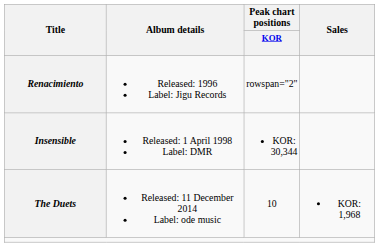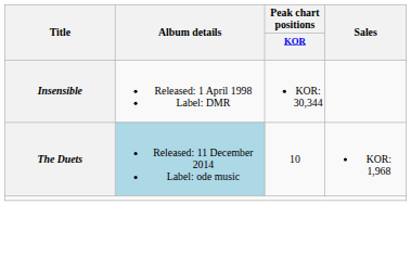 <table class="wikitable plainrowheaders" style="text-align:center;">
 <tr>
 <th rowspan="2" scope="col" style="width:10em;">Title</th>
 <th rowspan="2" scope="col">Album details</th>
 <th>Peak chart positions</th>
 <th rowspan="2" scope="col">Sales</th>
 </tr>
 <tr>
 <th scope="col" style="width:2.5em;font-size:90%;"><a href='#'>KOR<br></a><br></th>
 </tr>
 <tr>
-<th scope="row"><em>Renacimiento</em></th>
-<td><br><ul><li>Released: 1996</li><li>Label: Jigu Records</li></ul></td>
-<td>rowspan="2" </td>
-<td></td>
-</tr>
-<tr>
 <th scope="row"><em>Insensible</em></th>
 <td><br><ul><li>Released: 1 April 1998</li><li>Label: DMR</li></ul></td>
 <td><br><ul><li>KOR: 30,344</li></ul></td>
 </tr>
 <tr>
 <th scope="row"><em>The Duets</em></th>
-<td><br><ul><li>Released: 11 December 2014</li><li>Label: ode music</li></ul></td>
+<td style="background: lightblue;"><br><ul><li>Released: 11 December 2014</li><li>Label: ode music</li></ul></td>
 <td>10</td>
 <td><br><ul><li>KOR: 1,968</li></ul></td>
 </tr>
 <tr>
 <td colspan="4"></td>
 </tr>
 </table>
